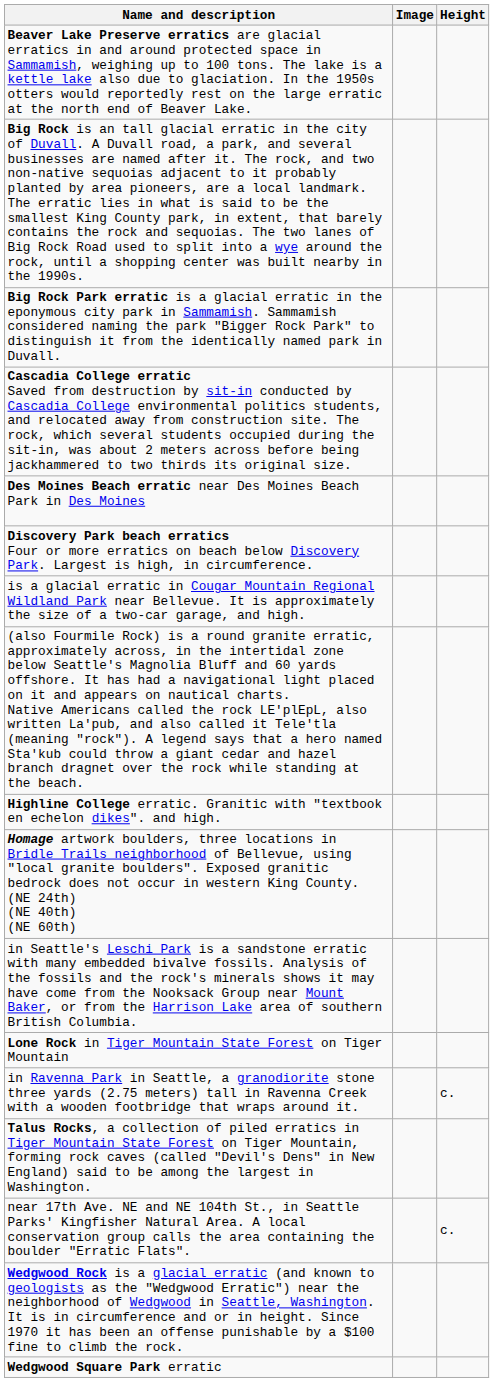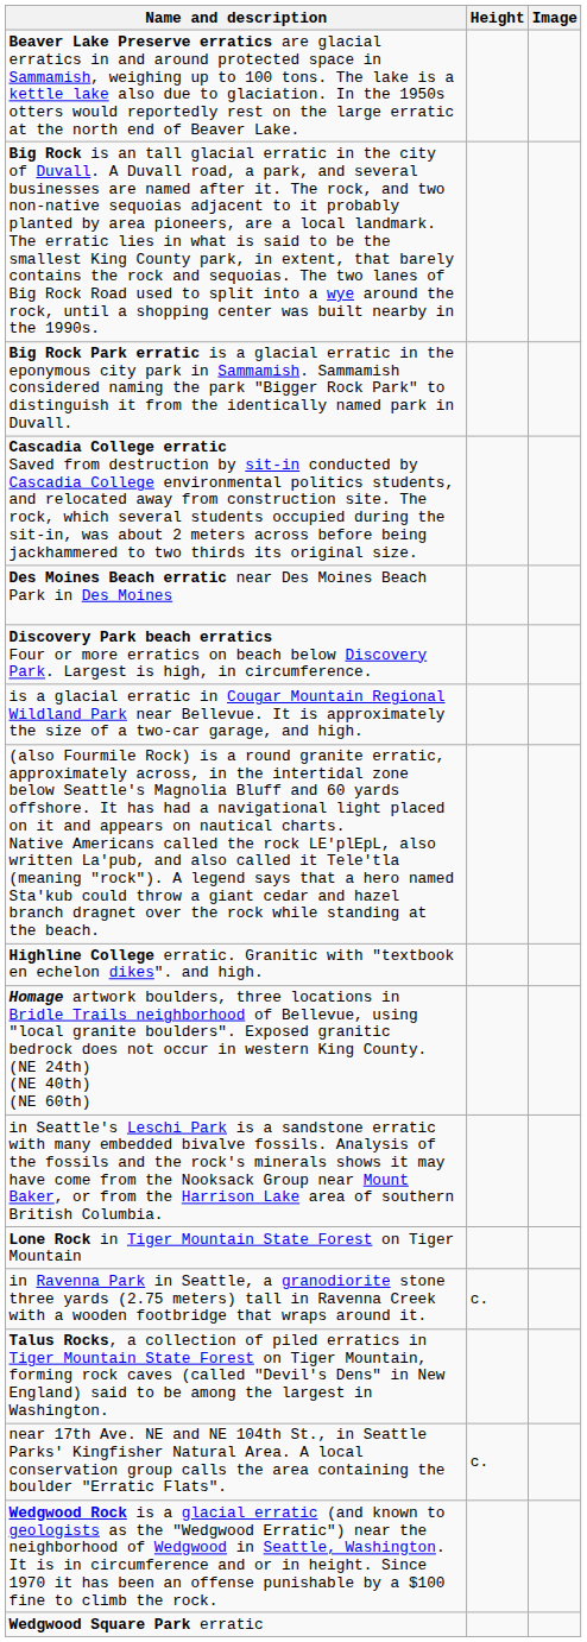 <table class="wikitable sortable">
 <tr>
 <th>Name and description</th>
+<th>Height</th>
 <th class="unsortable">Image</th>
-<th>Height</th>
 </tr>
 <tr>
 <td style="width:30em;vertical-align:top;"><strong>Beaver Lake Preserve erratics</strong> are glacial erratics in and around protected space  in <a href='#'>Sammamish</a>, weighing up to 100 tons. The lake is a <a href='#'>kettle lake</a> also due to glaciation. In the 1950s otters would reportedly rest on the large erratic at the north end of Beaver Lake.<br></td>
 <td></td>
 <td></td>
 </tr>
 <tr>
 <td style="width:30em;vertical-align:top;"><strong>Big Rock</strong> is an  tall glacial erratic in the city of <a href='#'>Duvall</a>. A Duvall road, a park, and several businesses are named after it. The rock, and two non-native sequoias adjacent to it probably planted by area pioneers, are a local landmark. The erratic lies in what is said to be the smallest King County park,  in extent, that barely contains the rock and sequoias. The two lanes of Big Rock Road used to split into a <a href='#'>wye</a> around the rock, until a shopping center was built nearby in the 1990s.<br></td>
 <td></td>
 <td></td>
 </tr>
 <tr>
 <td style="width:30em;vertical-align:top;"><strong>Big Rock Park erratic</strong> is a glacial erratic in the eponymous city park in <a href='#'>Sammamish</a>. Sammamish considered naming the park "Bigger Rock Park" to distinguish it from the identically named park in Duvall.<br></td>
 <td></td>
 <td></td>
 </tr>
 <tr>
 <td style="width:30em;vertical-align:top;"><strong>Cascadia College erratic</strong><br>Saved from destruction by <a href='#'>sit-in</a> conducted by <a href='#'>Cascadia College</a> environmental politics students, and relocated away from construction site. The rock, which several students occupied during the sit-in, was about 2 meters across before being jackhammered to two thirds its original size.<br></td>
 <td></td>
 <td></td>
 </tr>
 <tr>
 <td style="width:30em;vertical-align:top;"><strong>Des Moines Beach erratic</strong> near Des Moines Beach Park in <a href='#'>Des Moines</a><br><br></td>
+<td></td>
 <td> </td>
-<td></td>
 </tr>
 <tr>
 <td style="width:30em;vertical-align:top;"><strong>Discovery Park beach erratics</strong><br>Four or more erratics on beach below <a href='#'>Discovery Park</a>. Largest is  high,  in circumference.<br></td>
+<td></td>
 <td> </td>
-<td></td>
 </tr>
 <tr>
 <td style="width:30em;vertical-align:top;"><strong></strong> is a glacial erratic in <a href='#'>Cougar Mountain Regional Wildland Park</a> near Bellevue.  It is approximately the size of a two-car garage, and  high.<br></td>
 <td></td>
 <td></td>
 </tr>
 <tr>
 <td style="width:30em;vertical-align:top;"><strong></strong> (also Fourmile Rock) is a round granite erratic, approximately  across, in the intertidal zone below Seattle's Magnolia Bluff and 60 yards offshore. It has had a navigational light placed on it and appears on nautical charts.<br>Native Americans called the rock LE'plEpL, also written La'pub, and also called it Tele'tla (meaning "rock"). A legend says that a hero named Sta'kub could throw a giant cedar and hazel branch dragnet over the rock while standing at the beach.<br></td>
 <td></td>
 <td></td>
 </tr>
 <tr>
 <td style="width:30em;vertical-align:top;"><strong>Highline College</strong> erratic. Granitic with "textbook en echelon <a href='#'>dikes</a>".  and  high.<br></td>
 <td></td>
 <td></td>
 </tr>
 <tr>
 <td style="width:30em;vertical-align:top;"><strong><em>Homage</em></strong> artwork boulders, three locations in <a href='#'>Bridle Trails neighborhood</a> of Bellevue, using "local granite boulders". Exposed granitic bedrock does not occur in western King County.<br> (NE 24th) <br> (NE 40th) <br> (NE 60th)</td>
 <td></td>
 <td></td>
 </tr>
 <tr>
 <td style="width:30em;vertical-align:top;"><strong></strong> in Seattle's <a href='#'>Leschi Park</a> is a sandstone erratic with many embedded bivalve fossils. Analysis of the fossils and the rock's minerals shows it may have come from the Nooksack Group near <a href='#'>Mount Baker</a>, or from the <a href='#'>Harrison Lake</a> area of southern British Columbia.<br></td>
+<td> </td>
 <td></td>
-<td> </td>
 </tr>
 <tr>
 <td style="width:30em;vertical-align:top;"><strong>Lone Rock</strong> in <a href='#'>Tiger Mountain State Forest</a> on Tiger Mountain<br></td>
 <td></td>
 <td></td>
 </tr>
 <tr>
 <td style="width:30em;vertical-align:top;"><strong></strong> in <a href='#'>Ravenna Park</a> in Seattle, a <a href='#'>granodiorite</a> stone three yards (2.75 meters) tall in Ravenna Creek with a wooden footbridge that wraps around it.<br></td>
+<td>c. </td>
 <td><br></td>
-<td>c. </td>
 </tr>
 <tr>
 <td style="width:30em;vertical-align:top;"><strong>Talus Rocks</strong>, a collection of piled erratics in <a href='#'>Tiger Mountain State Forest</a> on Tiger Mountain, forming rock caves (called "Devil's Dens" in New England) said to be among the largest in Washington.<br></td>
 <td></td>
 <td></td>
 </tr>
 <tr>
 <td style="width:30em;vertical-align:top;"><strong></strong> near 17th Ave. NE and NE 104th St., in Seattle Parks' Kingfisher Natural Area. A local conservation group calls the area containing the boulder "Erratic Flats".<br></td>
+<td>c. </td>
 <td></td>
-<td>c. </td>
 </tr>
 <tr>
 <td style="width:30em;vertical-align:top;"><strong><a href='#'>Wedgwood Rock</a></strong> is a <a href='#'>glacial erratic</a> (and known to <a href='#'>geologists</a> as the "Wedgwood Erratic") near the neighborhood of <a href='#'>Wedgwood</a> in <a href='#'>Seattle, Washington</a>. It is  in circumference and  or  in height. Since 1970 it has been an offense punishable by a $100 fine to climb the rock.<br></td>
 <td></td>
 <td></td>
 </tr>
 <tr>
 <td style="width:30em;vertical-align:top;"><strong>Wedgwood Square Park</strong> erratic<br></td>
 <td></td>
 <td></td>
 </tr>
 </table>
